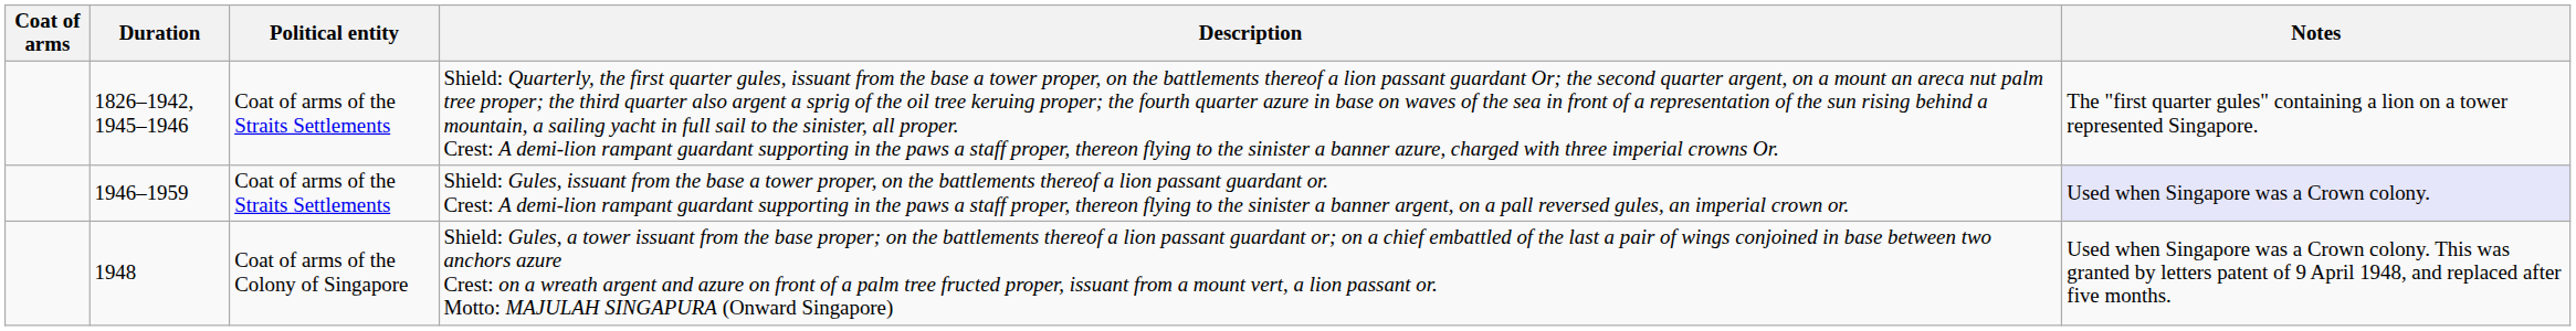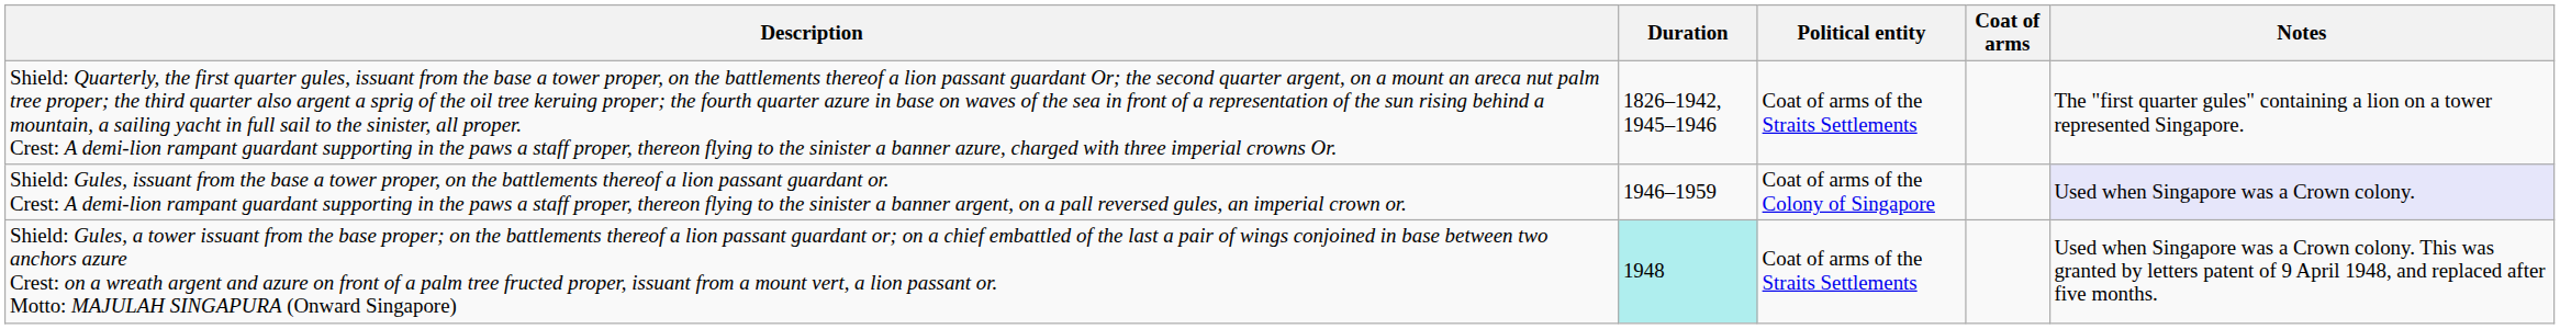 <table class="wikitable">
 <tr>
-<th>Coat of arms</th>
+<th>Description</th>
 <th>Duration</th>
 <th>Political entity</th>
-<th>Description</th>
+<th>Coat of arms</th>
 <th>Notes</th>
 </tr>
 <tr>
-<td></td>
+<td>Shield: <em>Quarterly, the first quarter gules, issuant from the base a tower proper, on the battlements thereof a lion passant guardant Or; the second quarter argent, on a mount an areca nut palm tree proper; the third quarter also argent a sprig of the oil tree keruing proper; the fourth quarter azure in base on waves of the sea in front of a representation of the sun rising behind a mountain, a sailing yacht in full sail to the sinister, all proper.</em><br>Crest: <em>A demi-lion rampant guardant supporting in the paws a staff proper, thereon flying to the sinister a banner azure, charged with three imperial crowns Or.</em></td>
 <td>1826–1942, 1945–1946</td>
 <td>Coat of arms of the <a href='#'>Straits Settlements</a></td>
-<td>Shield: <em>Quarterly, the first quarter gules, issuant from the base a tower proper, on the battlements thereof a lion passant guardant Or; the second quarter argent, on a mount an areca nut palm tree proper; the third quarter also argent a sprig of the oil tree keruing proper; the fourth quarter azure in base on waves of the sea in front of a representation of the sun rising behind a mountain, a sailing yacht in full sail to the sinister, all proper.</em><br>Crest: <em>A demi-lion rampant guardant supporting in the paws a staff proper, thereon flying to the sinister a banner azure, charged with three imperial crowns Or.</em></td>
+<td></td>
 <td>The "first quarter gules" containing a lion on a tower represented Singapore.</td>
 </tr>
 <tr>
+<td>Shield: <em>Gules, issuant from the base a tower proper, on the battlements thereof a lion passant guardant or.</em><br>Crest: <em>A demi-lion rampant guardant supporting in the paws a staff proper, thereon flying to the sinister a banner argent, on a pall reversed gules, an imperial crown or.</em></td>
+<td>1946–1959</td>
+<td>Coat of arms of the <a href='#'>Colony of Singapore</a></td>
 <td></td>
-<td>1946–1959</td>
-<td>Coat of arms of the <a href='#'>Straits Settlements</a></td>
-<td>Shield: <em>Gules, issuant from the base a tower proper, on the battlements thereof a lion passant guardant or.</em><br>Crest: <em>A demi-lion rampant guardant supporting in the paws a staff proper, thereon flying to the sinister a banner argent, on a pall reversed gules, an imperial crown or.</em></td>
 <td style="background: lavender;">Used when Singapore was a Crown colony.</td>
 </tr>
 <tr>
+<td>Shield: <em>Gules, a tower issuant from the base proper; on the battlements thereof a lion passant guardant or; on a chief embattled of the last a pair of wings conjoined in base between two anchors azure</em><br>Crest: <em>on a wreath argent and azure on front of a palm tree fructed proper, issuant from a mount vert, a lion passant or.</em><br>Motto: <em>MAJULAH SINGAPURA</em> (Onward Singapore)</td>
+<td style="background: paleturquoise;">1948</td>
+<td>Coat of arms of the <a href='#'>Straits Settlements</a></td>
 <td></td>
-<td>1948</td>
-<td>Coat of arms of the Colony of Singapore</td>
-<td>Shield: <em>Gules, a tower issuant from the base proper; on the battlements thereof a lion passant guardant or; on a chief embattled of the last a pair of wings conjoined in base between two anchors azure</em><br>Crest: <em>on a wreath argent and azure on front of a palm tree fructed proper, issuant from a mount vert, a lion passant or.</em><br>Motto: <em>MAJULAH SINGAPURA</em> (Onward Singapore)</td>
 <td>Used when Singapore was a Crown colony. This was granted by letters patent of 9 April 1948, and replaced after five months.</td>
 </tr>
 </table>
